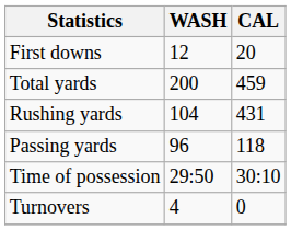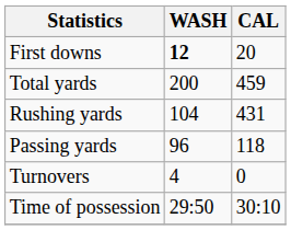 <table class="wikitable" style="float: left;">
 <tr>
 <th>Statistics</th>
 <th>WASH</th>
 <th>CAL</th>
 </tr>
 <tr>
 <td>First downs</td>
-<td>12</td>
+<td><strong>12</strong></td>
 <td>20</td>
 </tr>
 <tr>
 <td>Total yards</td>
 <td>200</td>
 <td>459</td>
 </tr>
 <tr>
 <td>Rushing yards</td>
 <td>104</td>
 <td>431</td>
 </tr>
 <tr>
 <td>Passing yards</td>
 <td>96</td>
 <td>118</td>
 </tr>
 <tr>
+<td>Turnovers</td>
+<td>4</td>
+<td>0</td>
+</tr>
+<tr>
 <td>Time of possession</td>
 <td>29:50</td>
 <td>30:10</td>
 </tr>
 <tr>
-<td>Turnovers</td>
-<td>4</td>
-<td>0</td>
-</tr>
-<tr>
 </tr>
 </table>
